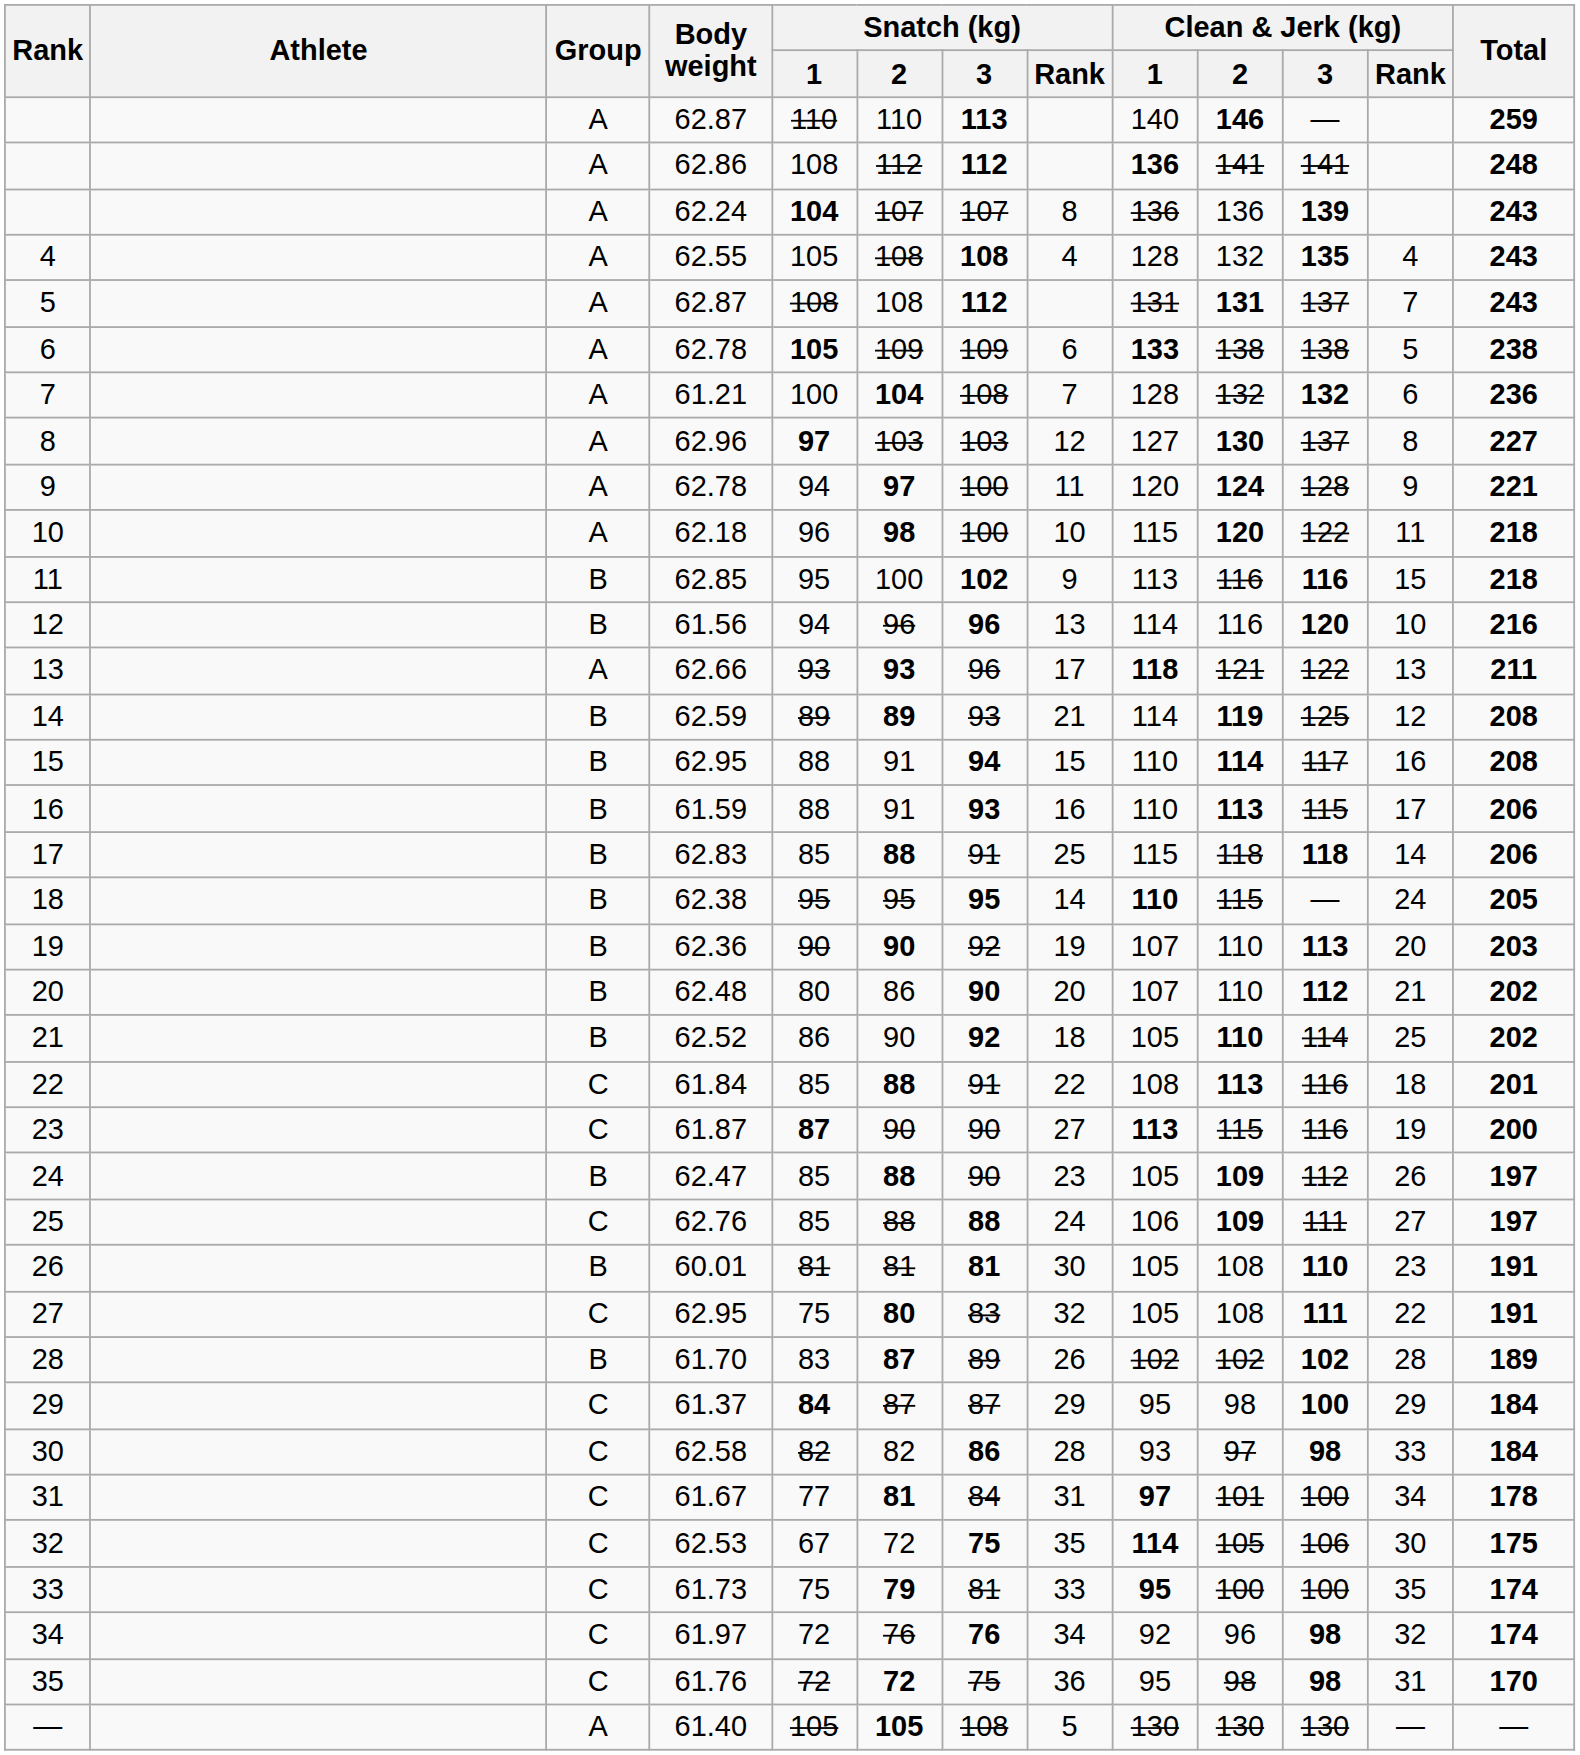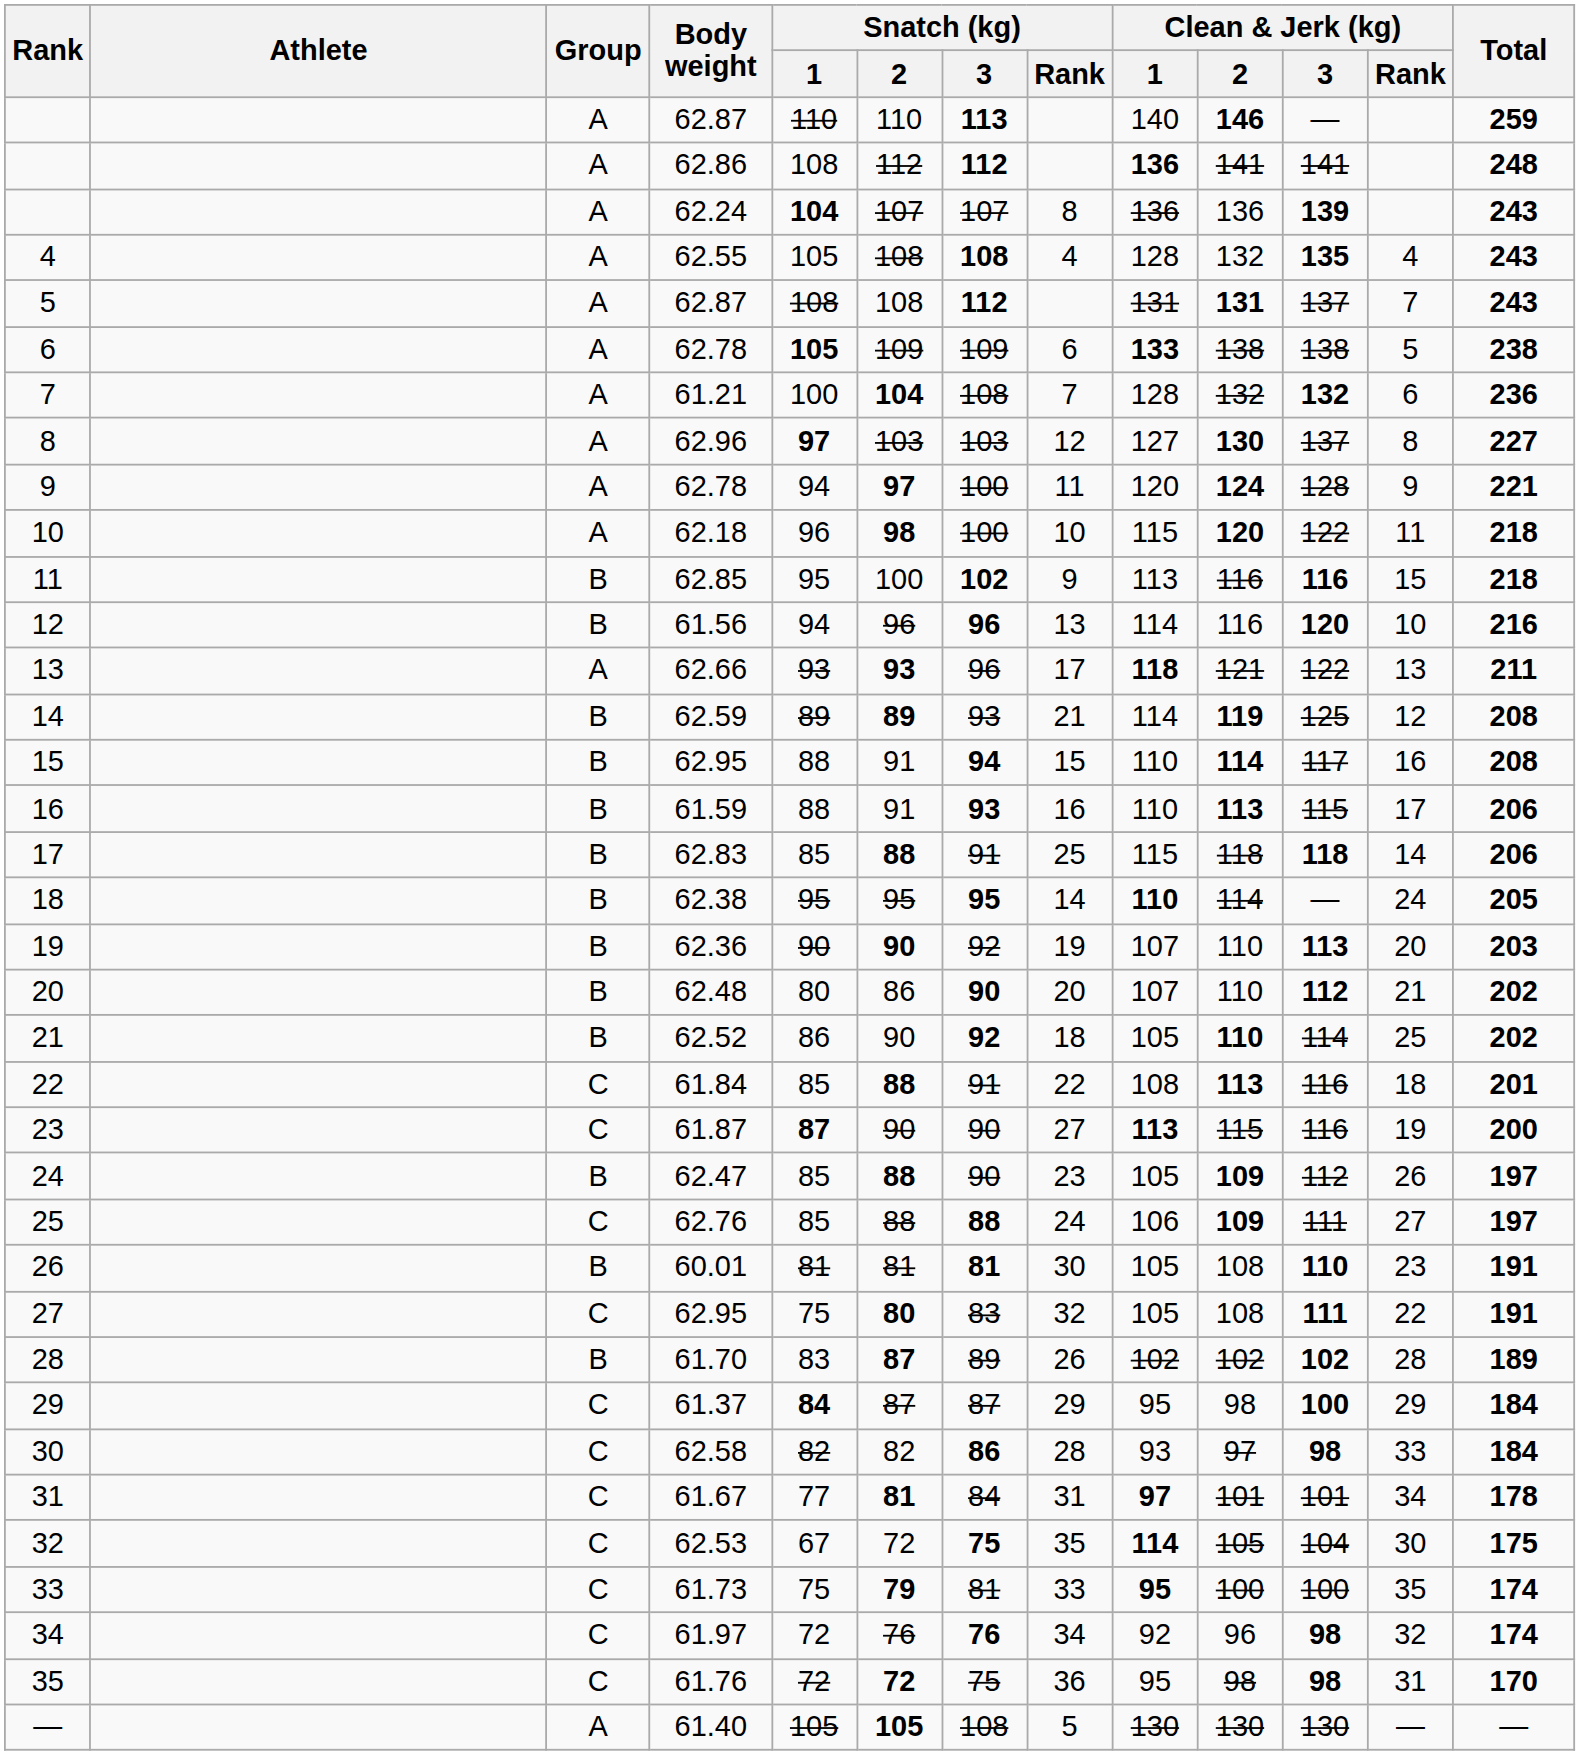 <table class = "wikitable" style="text-align:center;">
 <tr>
 <th rowspan=2 width=40>Rank</th>
 <th rowspan=2 width=250>Athlete</th>
 <th rowspan=2 width=50>Group</th>
 <th rowspan=2 width=60>Body weight</th>
 <th colspan=4>Snatch (kg)</th>
 <th colspan=4>Clean & Jerk (kg)</th>
 <th rowspan=2 width=60>Total</th>
 </tr>
 <tr>
 <th width=40>1</th>
 <th width=40>2</th>
 <th width=40>3</th>
 <th width=40>Rank</th>
 <th width=40>1</th>
 <th width=40>2</th>
 <th width=40>3</th>
 <th width=40>Rank</th>
 </tr>
 <tr>
 <td></td>
 <td align=left></td>
 <td>A</td>
 <td>62.87</td>
 <td><s>110 </s></td>
 <td>110</td>
 <td><strong>113</strong></td>
 <td></td>
 <td>140</td>
 <td><strong>146</strong></td>
 <td>—</td>
 <td></td>
 <td><strong>259</strong></td>
 </tr>
 <tr>
 <td></td>
 <td align=left></td>
 <td>A</td>
 <td>62.86</td>
 <td>108</td>
 <td><s>112 </s></td>
 <td><strong>112</strong></td>
 <td></td>
 <td><strong>136</strong></td>
 <td><s>141 </s></td>
 <td><s>141 </s></td>
 <td></td>
 <td><strong>248</strong></td>
 </tr>
 <tr>
 <td></td>
 <td align=left></td>
 <td>A</td>
 <td>62.24</td>
 <td><strong>104</strong></td>
 <td><s>107 </s></td>
 <td><s>107 </s></td>
 <td>8</td>
 <td><s>136 </s></td>
 <td>136</td>
 <td><strong>139</strong></td>
 <td></td>
 <td><strong>243</strong></td>
 </tr>
 <tr>
 <td>4</td>
 <td align=left></td>
 <td>A</td>
 <td>62.55</td>
 <td>105</td>
 <td><s>108 </s></td>
 <td><strong>108</strong></td>
 <td>4</td>
 <td>128</td>
 <td>132</td>
 <td><strong>135</strong></td>
 <td>4</td>
 <td><strong>243</strong></td>
 </tr>
 <tr>
 <td>5</td>
 <td align=left></td>
 <td>A</td>
 <td>62.87</td>
 <td><s>108 </s></td>
 <td>108</td>
 <td><strong>112</strong></td>
 <td></td>
 <td><s>131 </s></td>
 <td><strong>131</strong></td>
 <td><s>137 </s></td>
 <td>7</td>
 <td><strong>243</strong></td>
 </tr>
 <tr>
 <td>6</td>
 <td align=left></td>
 <td>A</td>
 <td>62.78</td>
 <td><strong>105</strong></td>
 <td><s>109 </s></td>
 <td><s>109 </s></td>
 <td>6</td>
 <td><strong>133</strong></td>
 <td><s>138 </s></td>
 <td><s>138 </s></td>
 <td>5</td>
 <td><strong>238</strong></td>
 </tr>
 <tr>
 <td>7</td>
 <td align=left></td>
 <td>A</td>
 <td>61.21</td>
 <td>100</td>
 <td><strong>104</strong></td>
 <td><s>108 </s></td>
 <td>7</td>
 <td>128</td>
 <td><s>132 </s></td>
 <td><strong>132</strong></td>
 <td>6</td>
 <td><strong>236</strong></td>
 </tr>
 <tr>
 <td>8</td>
 <td align=left></td>
 <td>A</td>
 <td>62.96</td>
 <td><strong>97</strong></td>
 <td><s>103 </s></td>
 <td><s>103 </s></td>
 <td>12</td>
 <td>127</td>
 <td><strong>130</strong></td>
 <td><s>137 </s></td>
 <td>8</td>
 <td><strong>227</strong></td>
 </tr>
 <tr>
 <td>9</td>
 <td align=left></td>
 <td>A</td>
 <td>62.78</td>
 <td>94</td>
 <td><strong>97</strong></td>
 <td><s>100 </s></td>
 <td>11</td>
 <td>120</td>
 <td><strong>124</strong></td>
 <td><s>128 </s></td>
 <td>9</td>
 <td><strong>221</strong></td>
 </tr>
 <tr>
 <td>10</td>
 <td align=left></td>
 <td>A</td>
 <td>62.18</td>
 <td>96</td>
 <td><strong>98</strong></td>
 <td><s>100 </s></td>
 <td>10</td>
 <td>115</td>
 <td><strong>120</strong></td>
 <td><s>122 </s></td>
 <td>11</td>
 <td><strong>218</strong></td>
 </tr>
 <tr>
 <td>11</td>
 <td align=left></td>
 <td>B</td>
 <td>62.85</td>
 <td>95</td>
 <td>100</td>
 <td><strong>102</strong></td>
 <td>9</td>
 <td>113</td>
 <td><s>116 </s></td>
 <td><strong>116</strong></td>
 <td>15</td>
 <td><strong>218</strong></td>
 </tr>
 <tr>
 <td>12</td>
 <td align=left></td>
 <td>B</td>
 <td>61.56</td>
 <td>94</td>
 <td><s>96 </s></td>
 <td><strong>96</strong></td>
 <td>13</td>
 <td>114</td>
 <td>116</td>
 <td><strong>120</strong></td>
 <td>10</td>
 <td><strong>216</strong></td>
 </tr>
 <tr>
 <td>13</td>
 <td align=left></td>
 <td>A</td>
 <td>62.66</td>
 <td><s>93 </s></td>
 <td><strong>93</strong></td>
 <td><s>96 </s></td>
 <td>17</td>
 <td><strong>118</strong></td>
 <td><s>121 </s></td>
 <td><s>122 </s></td>
 <td>13</td>
 <td><strong>211</strong></td>
 </tr>
 <tr>
 <td>14</td>
 <td align=left></td>
 <td>B</td>
 <td>62.59</td>
 <td><s>89 </s></td>
 <td><strong>89</strong></td>
 <td><s>93 </s></td>
 <td>21</td>
 <td>114</td>
 <td><strong>119</strong></td>
 <td><s>125 </s></td>
 <td>12</td>
 <td><strong>208</strong></td>
 </tr>
 <tr>
 <td>15</td>
 <td align=left></td>
 <td>B</td>
 <td>62.95</td>
 <td>88</td>
 <td>91</td>
 <td><strong>94</strong></td>
 <td>15</td>
 <td>110</td>
 <td><strong>114</strong></td>
 <td><s>117 </s></td>
 <td>16</td>
 <td><strong>208</strong></td>
 </tr>
 <tr>
 <td>16</td>
 <td align=left></td>
 <td>B</td>
 <td>61.59</td>
 <td>88</td>
 <td>91</td>
 <td><strong>93</strong></td>
 <td>16</td>
 <td>110</td>
 <td><strong>113</strong></td>
 <td><s>115 </s></td>
 <td>17</td>
 <td><strong>206</strong></td>
 </tr>
 <tr>
 <td>17</td>
 <td align=left></td>
 <td>B</td>
 <td>62.83</td>
 <td>85</td>
 <td><strong>88</strong></td>
 <td><s>91 </s></td>
 <td>25</td>
 <td>115</td>
 <td><s>118 </s></td>
 <td><strong>118</strong></td>
 <td>14</td>
 <td><strong>206</strong></td>
 </tr>
 <tr>
 <td>18</td>
 <td align=left></td>
 <td>B</td>
 <td>62.38</td>
 <td><s>95 </s></td>
 <td><s>95 </s></td>
 <td><strong>95</strong></td>
 <td>14</td>
 <td><strong>110</strong></td>
-<td><s>115 </s></td>
+<td><s>114 </s></td>
 <td>—</td>
 <td>24</td>
 <td><strong>205</strong></td>
 </tr>
 <tr>
 <td>19</td>
 <td align=left></td>
 <td>B</td>
 <td>62.36</td>
 <td><s>90 </s></td>
 <td><strong>90</strong></td>
 <td><s>92 </s></td>
 <td>19</td>
 <td>107</td>
 <td>110</td>
 <td><strong>113</strong></td>
 <td>20</td>
 <td><strong>203</strong></td>
 </tr>
 <tr>
 <td>20</td>
 <td align=left></td>
 <td>B</td>
 <td>62.48</td>
 <td>80</td>
 <td>86</td>
 <td><strong>90</strong></td>
 <td>20</td>
 <td>107</td>
 <td>110</td>
 <td><strong>112</strong></td>
 <td>21</td>
 <td><strong>202</strong></td>
 </tr>
 <tr>
 <td>21</td>
 <td align=left></td>
 <td>B</td>
 <td>62.52</td>
 <td>86</td>
 <td>90</td>
 <td><strong>92</strong></td>
 <td>18</td>
 <td>105</td>
 <td><strong>110</strong></td>
 <td><s>114 </s></td>
 <td>25</td>
 <td><strong>202</strong></td>
 </tr>
 <tr>
 <td>22</td>
 <td align=left></td>
 <td>C</td>
 <td>61.84</td>
 <td>85</td>
 <td><strong>88</strong></td>
 <td><s>91</s></td>
 <td>22</td>
 <td>108</td>
 <td><strong>113</strong></td>
 <td><s>116</s></td>
 <td>18</td>
 <td><strong>201</strong></td>
 </tr>
 <tr>
 <td>23</td>
 <td align=left></td>
 <td>C</td>
 <td>61.87</td>
 <td><strong>87</strong></td>
 <td><s>90 </s></td>
 <td><s>90 </s></td>
 <td>27</td>
 <td><strong>113</strong></td>
 <td><s>115 </s></td>
 <td><s>116 </s></td>
 <td>19</td>
 <td><strong>200</strong></td>
 </tr>
 <tr>
 <td>24</td>
 <td align=left></td>
 <td>B</td>
 <td>62.47</td>
 <td>85</td>
 <td><strong>88</strong></td>
 <td><s>90 </s></td>
 <td>23</td>
 <td>105</td>
 <td><strong>109</strong></td>
 <td><s>112 </s></td>
 <td>26</td>
 <td><strong>197</strong></td>
 </tr>
 <tr>
 <td>25</td>
 <td align=left></td>
 <td>C</td>
 <td>62.76</td>
 <td>85</td>
 <td><s>88</s></td>
 <td><strong>88</strong></td>
 <td>24</td>
 <td>106</td>
 <td><strong>109</strong></td>
 <td><s>111</s></td>
 <td>27</td>
 <td><strong>197</strong></td>
 </tr>
 <tr>
 <td>26</td>
 <td align=left></td>
 <td>B</td>
 <td>60.01</td>
 <td><s>81 </s></td>
 <td><s>81 </s></td>
 <td><strong>81</strong></td>
 <td>30</td>
 <td>105</td>
 <td>108</td>
 <td><strong>110</strong></td>
 <td>23</td>
 <td><strong>191</strong></td>
 </tr>
 <tr>
 <td>27</td>
 <td align=left></td>
 <td>C</td>
 <td>62.95</td>
 <td>75</td>
 <td><strong>80</strong></td>
 <td><s>83</s></td>
 <td>32</td>
 <td>105</td>
 <td>108</td>
 <td><strong>111</strong></td>
 <td>22</td>
 <td><strong>191</strong></td>
 </tr>
 <tr>
 <td>28</td>
 <td align=left></td>
 <td>B</td>
 <td>61.70</td>
 <td>83</td>
 <td><strong>87</strong></td>
 <td><s>89 </s></td>
 <td>26</td>
 <td><s>102 </s></td>
 <td><s>102 </s></td>
 <td><strong>102</strong></td>
 <td>28</td>
 <td><strong>189</strong></td>
 </tr>
 <tr>
 <td>29</td>
 <td align=left></td>
 <td>C</td>
 <td>61.37</td>
 <td><strong>84</strong></td>
 <td><s>87</s></td>
 <td><s>87</s></td>
 <td>29</td>
 <td>95</td>
 <td>98</td>
 <td><strong>100</strong></td>
 <td>29</td>
 <td><strong>184</strong></td>
 </tr>
 <tr>
 <td>30</td>
 <td align=left></td>
 <td>C</td>
 <td>62.58</td>
 <td><s>82</s></td>
 <td>82</td>
 <td><strong>86</strong></td>
 <td>28</td>
 <td>93</td>
 <td><s>97</s></td>
 <td><strong>98</strong></td>
 <td>33</td>
 <td><strong>184</strong></td>
 </tr>
 <tr>
 <td>31</td>
 <td align=left></td>
 <td>C</td>
 <td>61.67</td>
 <td>77</td>
 <td><strong>81</strong></td>
 <td><s>84</s></td>
 <td>31</td>
 <td><strong>97</strong></td>
 <td><s>101</s></td>
-<td><s>100</s></td>
+<td><s>101</s></td>
 <td>34</td>
 <td><strong>178</strong></td>
 </tr>
 <tr>
 <td>32</td>
 <td align=left></td>
 <td>C</td>
 <td>62.53</td>
 <td>67</td>
 <td>72</td>
 <td><strong>75</strong></td>
 <td>35</td>
 <td><strong>114</strong></td>
 <td><s>105</s></td>
-<td><s>106</s></td>
+<td><s>104</s></td>
 <td>30</td>
 <td><strong>175</strong></td>
 </tr>
 <tr>
 <td>33</td>
 <td align=left></td>
 <td>C</td>
 <td>61.73</td>
 <td>75</td>
 <td><strong>79</strong></td>
 <td><s>81</s></td>
 <td>33</td>
 <td><strong>95</strong></td>
 <td><s>100</s></td>
 <td><s>100</s></td>
 <td>35</td>
 <td><strong>174</strong></td>
 </tr>
 <tr>
 <td>34</td>
 <td align=left></td>
 <td>C</td>
 <td>61.97</td>
 <td>72</td>
 <td><s>76</s></td>
 <td><strong>76</strong></td>
 <td>34</td>
 <td>92</td>
 <td>96</td>
 <td><strong>98</strong></td>
 <td>32</td>
 <td><strong>174</strong></td>
 </tr>
 <tr>
 <td>35</td>
 <td align=left></td>
 <td>C</td>
 <td>61.76</td>
 <td><s>72</s></td>
 <td><strong>72</strong></td>
 <td><s>75</s></td>
 <td>36</td>
 <td>95</td>
 <td><s>98</s></td>
 <td><strong>98</strong></td>
 <td>31</td>
 <td><strong>170</strong></td>
 </tr>
 <tr>
 <td>—</td>
 <td align=left></td>
 <td>A</td>
 <td>61.40</td>
 <td><s>105 </s></td>
 <td><strong>105</strong></td>
 <td><s>108 </s></td>
 <td>5</td>
 <td><s>130 </s></td>
 <td><s>130 </s></td>
 <td><s>130 </s></td>
 <td>—</td>
 <td>—</td>
 </tr>
 </table>
